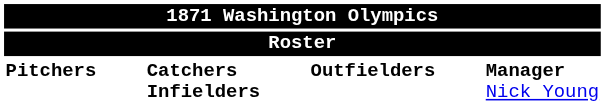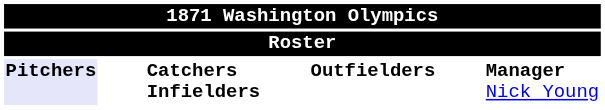 <table class="toccolours" style="font-size: 95%;">
 <tr>
 <th colspan="10" style="background-color: black; color:white; text-align: center;">1871 Washington Olympics</th>
 </tr>
 <tr>
 <td colspan="10" style="background-color:black; color: white; text-align: center;"><strong>Roster</strong></td>
 </tr>
 <tr>
-<td valign="top"><strong>Pitchers</strong><br> </td>
+<td valign="top" style="background: lavender;"><strong>Pitchers</strong><br> </td>
 <td width="25px"></td>
 <td valign="top"><strong>Catchers</strong><br> <strong>Infielders</strong>       </td>
 <td width="25px"></td>
 <td valign="top"><strong>Outfielders</strong><br>    </td>
 <td width="25px"></td>
 <td valign="top"><strong>Manager</strong><br><a href='#'>Nick Young</a></td>
 </tr>
 </table>
